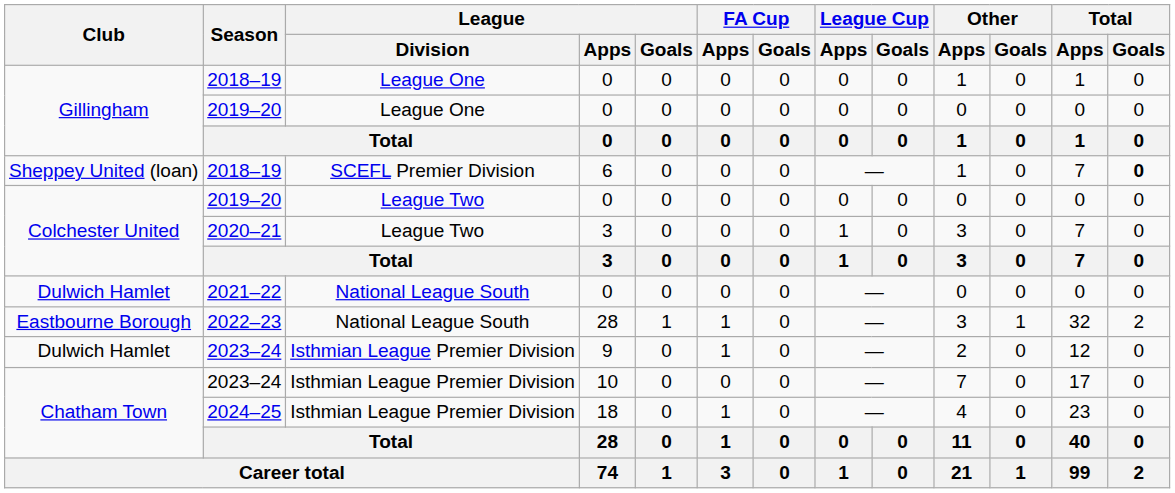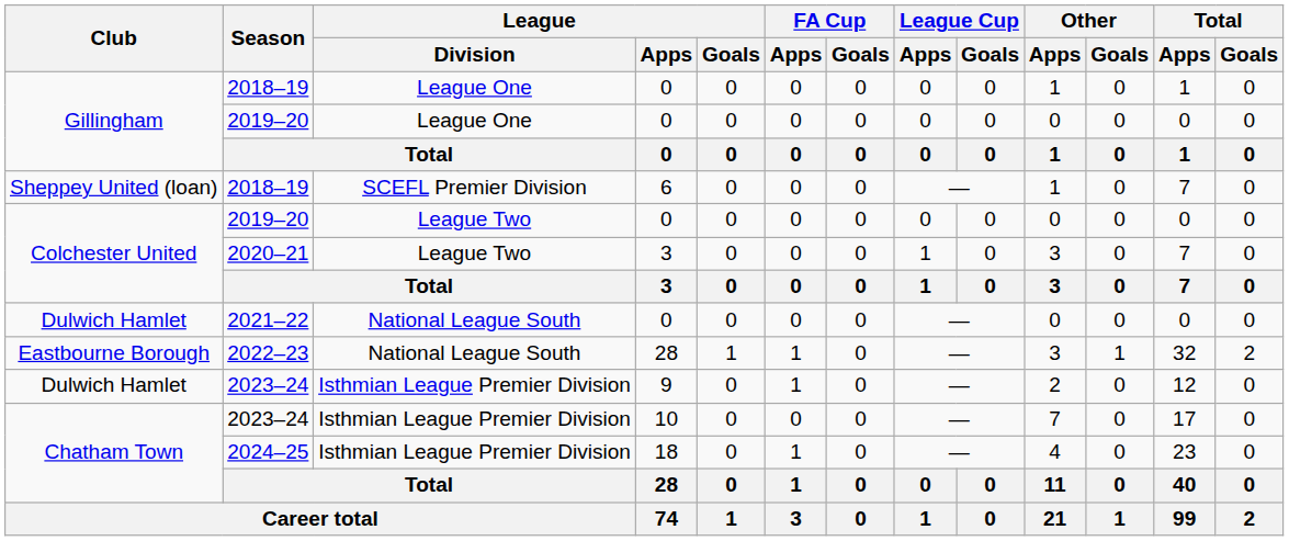 <table class=wikitable style=text-align:center>
 <tr>
 <th rowspan=2>Club</th>
 <th rowspan=2>Season</th>
 <th colspan=3>League</th>
 <th colspan=2><a href='#'>FA Cup</a></th>
 <th colspan=2><a href='#'>League Cup</a></th>
 <th colspan=2>Other</th>
 <th colspan=2>Total</th>
 </tr>
 <tr>
 <th>Division</th>
 <th>Apps</th>
 <th>Goals</th>
 <th>Apps</th>
 <th>Goals</th>
 <th>Apps</th>
 <th>Goals</th>
 <th>Apps</th>
 <th>Goals</th>
 <th>Apps</th>
 <th>Goals</th>
 </tr>
 <tr>
 <td rowspan=3><a href='#'>Gillingham</a></td>
 <td><a href='#'>2018–19</a></td>
 <td><a href='#'>League One</a></td>
 <td>0</td>
 <td>0</td>
 <td>0</td>
 <td>0</td>
 <td>0</td>
 <td>0</td>
 <td>1</td>
 <td>0</td>
 <td>1</td>
 <td>0</td>
 </tr>
 <tr>
 <td><a href='#'>2019–20</a></td>
 <td>League One</td>
 <td>0</td>
 <td>0</td>
 <td>0</td>
 <td>0</td>
 <td>0</td>
 <td>0</td>
 <td>0</td>
 <td>0</td>
 <td>0</td>
 <td>0</td>
 </tr>
 <tr>
 <th colspan=2>Total</th>
 <th>0</th>
 <th>0</th>
 <th>0</th>
 <th>0</th>
 <th>0</th>
 <th>0</th>
 <th>1</th>
 <th>0</th>
 <th>1</th>
 <th>0</th>
 </tr>
 <tr>
 <td><a href='#'>Sheppey United</a> (loan)</td>
 <td><a href='#'>2018–19</a></td>
 <td><a href='#'>SCEFL</a> Premier Division</td>
 <td>6</td>
 <td>0</td>
 <td>0</td>
 <td>0</td>
 <td colspan="2">—</td>
 <td>1</td>
 <td>0</td>
 <td>7</td>
-<td><strong>0</strong></td>
+<td>0</td>
 </tr>
 <tr>
 <td rowspan=3><a href='#'>Colchester United</a></td>
 <td><a href='#'>2019–20</a></td>
 <td><a href='#'>League Two</a></td>
 <td>0</td>
 <td>0</td>
 <td>0</td>
 <td>0</td>
 <td>0</td>
 <td>0</td>
 <td>0</td>
 <td>0</td>
 <td>0</td>
 <td>0</td>
 </tr>
 <tr>
 <td><a href='#'>2020–21</a></td>
 <td>League Two</td>
 <td>3</td>
 <td>0</td>
 <td>0</td>
 <td>0</td>
 <td>1</td>
 <td>0</td>
 <td>3</td>
 <td>0</td>
 <td>7</td>
 <td>0</td>
 </tr>
 <tr>
 <th colspan=2>Total</th>
 <th>3</th>
 <th>0</th>
 <th>0</th>
 <th>0</th>
 <th>1</th>
 <th>0</th>
 <th>3</th>
 <th>0</th>
 <th>7</th>
 <th>0</th>
 </tr>
 <tr>
 <td><a href='#'>Dulwich Hamlet</a></td>
 <td><a href='#'>2021–22</a></td>
 <td><a href='#'>National League South</a></td>
 <td>0</td>
 <td>0</td>
 <td>0</td>
 <td>0</td>
 <td colspan="2">—</td>
 <td>0</td>
 <td>0</td>
 <td>0</td>
 <td>0</td>
 </tr>
 <tr>
 <td><a href='#'>Eastbourne Borough</a></td>
 <td><a href='#'>2022–23</a></td>
 <td>National League South</td>
 <td>28</td>
 <td>1</td>
 <td>1</td>
 <td>0</td>
 <td colspan="2">—</td>
 <td>3</td>
 <td>1</td>
 <td>32</td>
 <td>2</td>
 </tr>
 <tr>
 <td>Dulwich Hamlet</td>
 <td><a href='#'>2023–24</a></td>
 <td><a href='#'>Isthmian League</a> Premier Division</td>
 <td>9</td>
 <td>0</td>
 <td>1</td>
 <td>0</td>
 <td colspan="2">—</td>
 <td>2</td>
 <td>0</td>
 <td>12</td>
 <td>0</td>
 </tr>
 <tr>
 <td rowspan="3"><a href='#'>Chatham Town</a></td>
 <td>2023–24</td>
 <td>Isthmian League Premier Division</td>
 <td>10</td>
 <td>0</td>
 <td>0</td>
 <td>0</td>
 <td colspan="2">—</td>
 <td>7</td>
 <td>0</td>
 <td>17</td>
 <td>0</td>
 </tr>
 <tr>
 <td><a href='#'>2024–25</a></td>
 <td>Isthmian League Premier Division</td>
 <td>18</td>
 <td>0</td>
 <td>1</td>
 <td>0</td>
 <td colspan="2">—</td>
 <td>4</td>
 <td>0</td>
 <td>23</td>
 <td>0</td>
 </tr>
 <tr>
 <th colspan="2">Total</th>
 <th>28</th>
 <th>0</th>
 <th>1</th>
 <th>0</th>
 <th>0</th>
 <th>0</th>
 <th>11</th>
 <th>0</th>
 <th>40</th>
 <th>0</th>
 </tr>
 <tr>
 <th colspan=3>Career total</th>
 <th>74</th>
 <th>1</th>
 <th>3</th>
 <th>0</th>
 <th>1</th>
 <th>0</th>
 <th>21</th>
 <th>1</th>
 <th>99</th>
 <th>2</th>
 </tr>
 </table>
